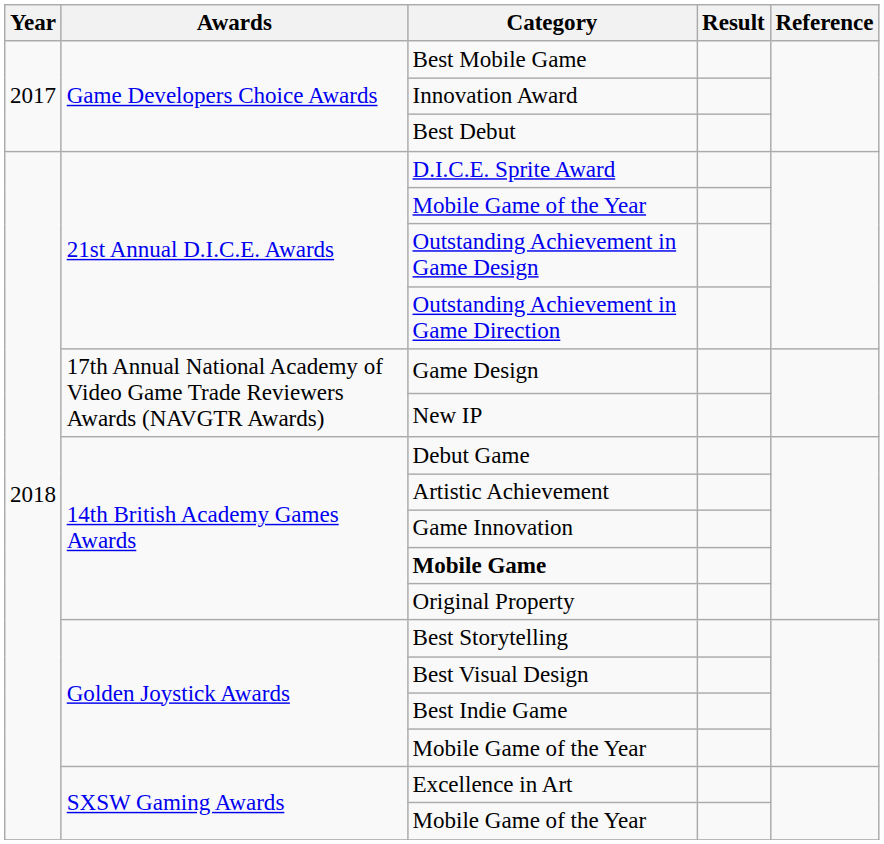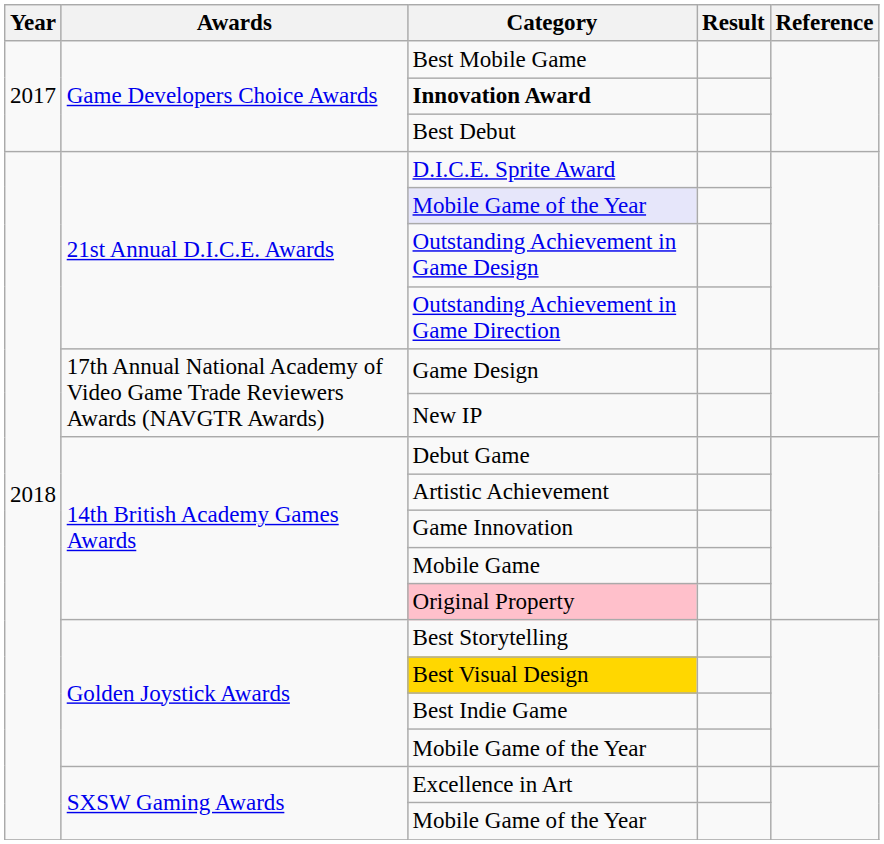 <table class="wikitable">
 <tr>
 <th>Year</th>
 <th>Awards</th>
 <th>Category</th>
 <th>Result</th>
 <th>Reference</th>
 </tr>
 <tr>
 <td rowspan="3">2017</td>
 <td rowspan="3"><a href='#'>Game Developers Choice Awards</a></td>
 <td>Best Mobile Game</td>
 <td></td>
 <td rowspan="3" style="text-align:center;"></td>
 </tr>
 <tr>
-<td>Innovation Award</td>
+<td><strong>Innovation Award</strong></td>
 <td></td>
 </tr>
 <tr>
 <td>Best Debut</td>
 <td></td>
 </tr>
 <tr>
 <td rowspan="17">2018</td>
 <td rowspan="4"><a href='#'>21st Annual D.I.C.E. Awards</a></td>
 <td><a href='#'>D.I.C.E. Sprite Award</a></td>
 <td></td>
 <td rowspan="4" style="text-align:center;"></td>
 </tr>
 <tr>
-<td><a href='#'>Mobile Game of the Year</a></td>
+<td style="background: lavender;"><a href='#'>Mobile Game of the Year</a></td>
 <td></td>
 </tr>
 <tr>
 <td><a href='#'>Outstanding Achievement in Game Design</a></td>
 <td></td>
 </tr>
 <tr>
 <td><a href='#'>Outstanding Achievement in Game Direction</a></td>
 <td></td>
 </tr>
 <tr>
 <td rowspan="2">17th Annual National Academy of<br>Video Game Trade Reviewers Awards  (NAVGTR Awards)</td>
 <td>Game Design</td>
 <td></td>
 <td rowspan="2" style="text-align:center;"></td>
 </tr>
 <tr>
 <td>New IP</td>
 <td></td>
 </tr>
 <tr>
 <td rowspan="5"><a href='#'>14th British Academy Games Awards</a></td>
 <td>Debut Game</td>
 <td></td>
 <td rowspan="5" style="text-align:center;"></td>
 </tr>
 <tr>
 <td>Artistic Achievement</td>
 <td></td>
 </tr>
 <tr>
 <td>Game Innovation</td>
 <td></td>
 </tr>
 <tr>
-<td><strong>Mobile Game</strong></td>
+<td>Mobile Game</td>
 <td></td>
 </tr>
 <tr>
-<td>Original Property</td>
+<td style="background: pink;">Original Property</td>
 <td></td>
 </tr>
 <tr>
 <td rowspan="4"><a href='#'>Golden Joystick Awards</a></td>
 <td>Best Storytelling</td>
 <td></td>
 <td rowspan="4" style="text-align:center;"></td>
 </tr>
 <tr>
-<td>Best Visual Design</td>
+<td style="background: gold;">Best Visual Design</td>
 <td></td>
 </tr>
 <tr>
 <td>Best Indie Game</td>
 <td></td>
 </tr>
 <tr>
 <td>Mobile Game of the Year</td>
 <td></td>
 </tr>
 <tr>
 <td rowspan="2"><a href='#'>SXSW Gaming Awards</a></td>
 <td>Excellence in Art</td>
 <td></td>
 <td rowspan="2" style="text-align:center;"></td>
 </tr>
 <tr>
 <td>Mobile Game of the Year</td>
 <td></td>
 </tr>
 </table>
